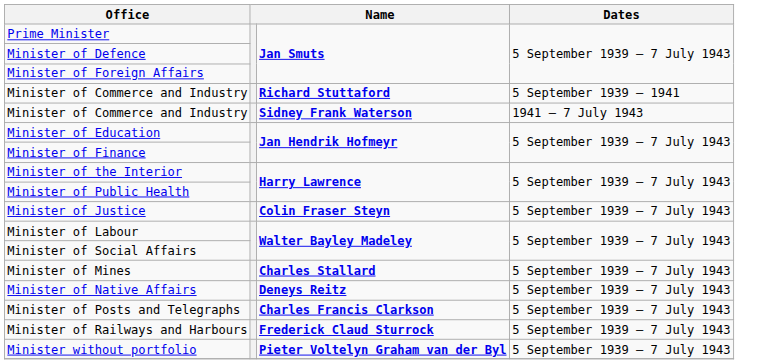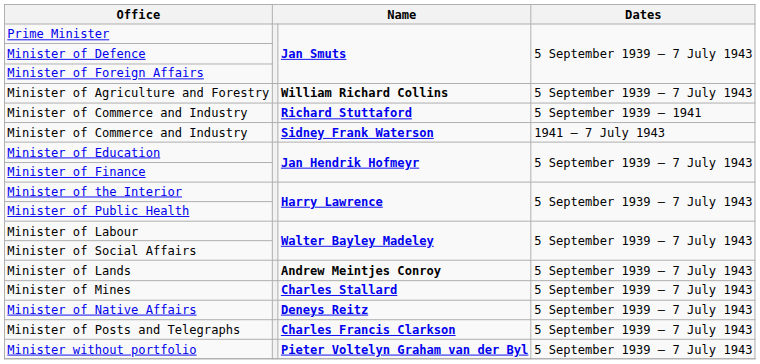 <table class="wikitable">
 <tr>
 <th>Office</th>
 <th colspan="2">Name</th>
 <th>Dates</th>
 </tr>
 <tr>
 <td><a href='#'>Prime Minister</a></td>
 <th rowspan=3 style="background-color: "></th>
 <td rowspan=3><strong><a href='#'>Jan Smuts</a></strong></td>
 <td rowspan=3>5 September 1939 – 7 July 1943</td>
 </tr>
 <tr>
 <td><a href='#'>Minister of Defence</a></td>
 </tr>
 <tr>
 <td><a href='#'>Minister of Foreign Affairs</a></td>
+</tr>
+<tr>
+<td>Minister of Agriculture and Forestry</td>
+<th style="background-color: "></th>
+<td><strong>William Richard Collins</strong></td>
+<td>5 September 1939 – 7 July 1943</td>
 </tr>
 <tr>
 <td>Minister of Commerce and Industry</td>
 <th style="background-color: "></th>
 <td><strong><a href='#'>Richard Stuttaford</a></strong></td>
 <td>5 September 1939 – 1941</td>
 </tr>
 <tr>
 <td>Minister of Commerce and Industry</td>
 <th style="background-color: "></th>
 <td><strong><a href='#'>Sidney Frank Waterson</a></strong></td>
 <td>1941 – 7 July 1943</td>
 </tr>
 <tr>
 <td><a href='#'>Minister of Education</a></td>
 <th rowspan=2 style="background-color: "></th>
 <td rowspan=2><strong><a href='#'>Jan Hendrik Hofmeyr</a></strong></td>
 <td rowspan=2>5 September 1939 – 7 July 1943</td>
 </tr>
 <tr>
 <td><a href='#'>Minister of Finance</a></td>
 </tr>
 <tr>
 <td><a href='#'>Minister of the Interior</a></td>
 <th rowspan=2 style="background-color: "></th>
 <td rowspan=2><strong><a href='#'>Harry Lawrence</a></strong></td>
 <td rowspan=2>5 September 1939 – 7 July 1943</td>
 </tr>
 <tr>
 <td><a href='#'>Minister of Public Health</a></td>
 </tr>
 <tr>
-<td><a href='#'>Minister of Justice</a></td>
-<th style="background-color: "></th>
-<td><strong><a href='#'>Colin Fraser Steyn</a></strong></td>
-<td>5 September 1939 – 7 July 1943</td>
-</tr>
-<tr>
 <td>Minister of Labour</td>
 <th rowspan=2 style="background-color: "></th>
 <td rowspan=2><strong><a href='#'>Walter Bayley Madeley</a></strong></td>
 <td rowspan=2>5 September 1939 – 7 July 1943</td>
 </tr>
 <tr>
 <td>Minister of Social Affairs</td>
+</tr>
+<tr>
+<td>Minister of Lands</td>
+<th style="background-color: "></th>
+<td><strong>Andrew Meintjes Conroy</strong></td>
+<td>5 September 1939 – 7 July 1943</td>
 </tr>
 <tr>
 <td>Minister of Mines</td>
 <th style="background-color: "></th>
 <td><strong><a href='#'>Charles Stallard</a></strong></td>
 <td>5 September 1939 – 7 July 1943</td>
 </tr>
 <tr>
 <td><a href='#'>Minister of Native Affairs</a></td>
 <th style="background-color: "></th>
 <td><strong><a href='#'>Deneys Reitz</a></strong></td>
 <td>5 September 1939 – 7 July 1943</td>
 </tr>
 <tr>
 <td>Minister of Posts and Telegraphs</td>
 <th style="background-color: "></th>
 <td><strong><a href='#'>Charles Francis Clarkson</a></strong></td>
 <td>5 September 1939 – 7 July 1943</td>
 </tr>
 <tr>
-<td>Minister of Railways and Harbours</td>
-<th style="background-color: "></th>
-<td><strong><a href='#'>Frederick Claud Sturrock</a></strong></td>
-<td>5 September 1939 – 7 July 1943</td>
-</tr>
-<tr>
 <td><a href='#'>Minister without portfolio</a></td>
 <th style="background-color: "></th>
 <td><strong><a href='#'>Pieter Voltelyn Graham van der Byl</a></strong></td>
 <td>5 September 1939 – 7 July 1943</td>
 </tr>
 <tr>
 </tr>
 </table>
